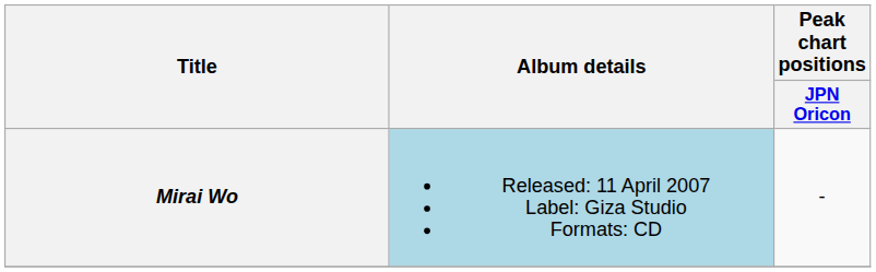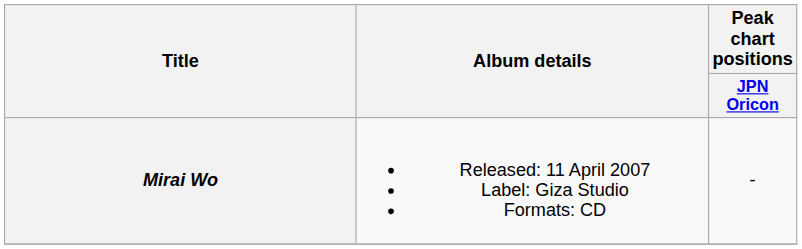 <table class="wikitable plainrowheaders" style="text-align:center;">
 <tr>
 <th scope="col" rowspan="2" style="width:19em;">Title</th>
 <th scope="col" rowspan="2" style="width:19em;">Album details</th>
 <th scope="col" colspan="1">Peak<br>chart<br>positions</th>
 </tr>
 <tr>
 <th scope="col" style="width:2.9em;font-size:90%;"><a href='#'>JPN<br>Oricon</a><br></th>
 </tr>
 <tr>
 <th scope="row"><em>Mirai Wo</em><br></th>
-<td style="background: lightblue;"><br><ul><li>Released: 11 April 2007</li><li>Label: Giza Studio</li><li>Formats: CD</li></ul></td>
+<td><br><ul><li>Released: 11 April 2007</li><li>Label: Giza Studio</li><li>Formats: CD</li></ul></td>
 <td>-</td>
 </tr>
 <tr>
 </tr>
 </table>
